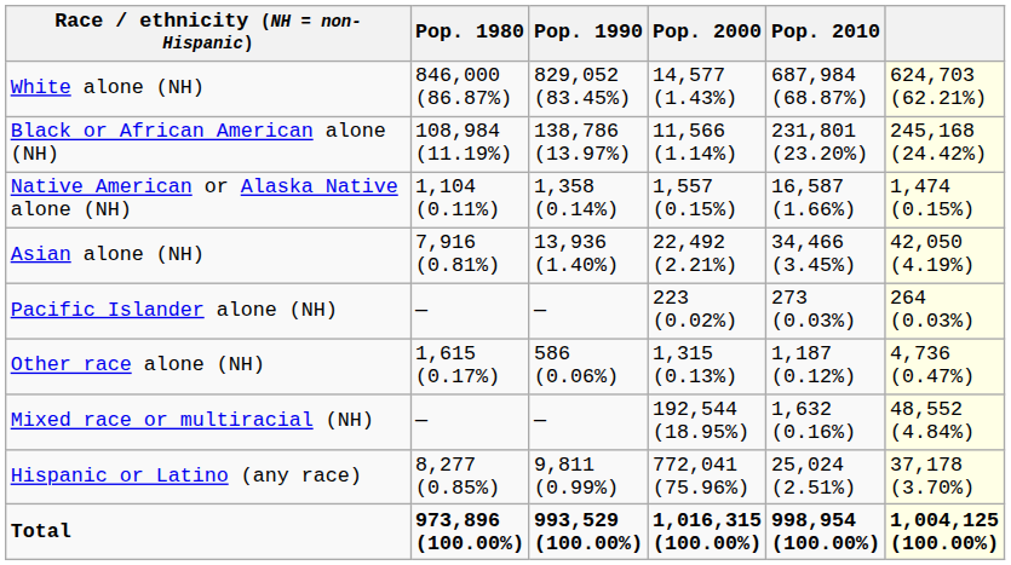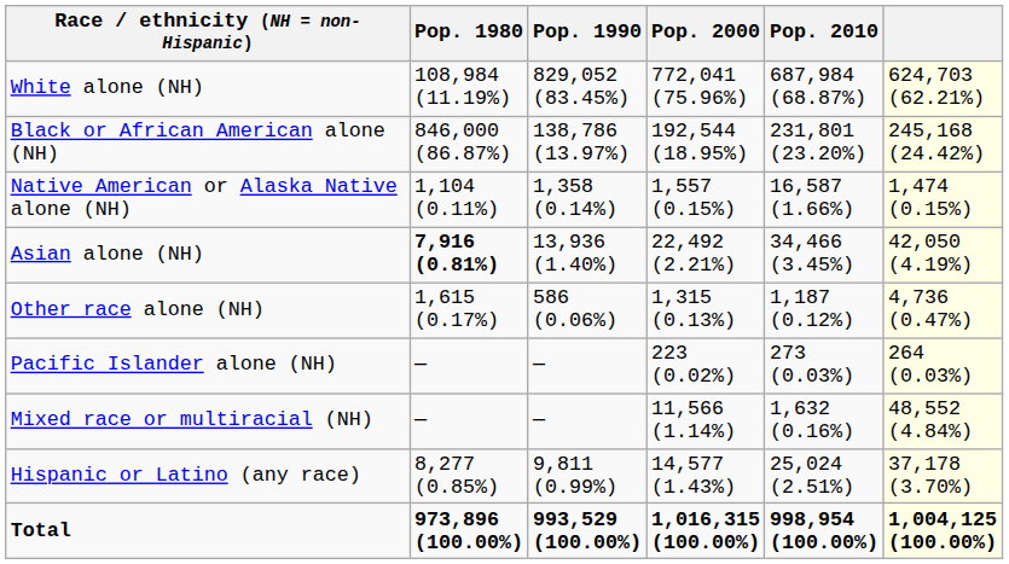 <table class="wikitable sortable collapsible" style="font-size: 95%;">
 <tr>
 <th>Race / ethnicity <small>(<em>NH = non-Hispanic</em>)</small></th>
 <th>Pop. 1980</th>
 <th>Pop. 1990</th>
 <th>Pop. 2000</th>
 <th>Pop. 2010</th>
 <th></th>
 </tr>
 <tr>
 <td><a href='#'>White</a> alone (NH)</td>
-<td>846,000<br>(86.87%)</td>
+<td>108,984<br>(11.19%)</td>
 <td>829,052<br>(83.45%)</td>
-<td>14,577<br>(1.43%)</td>
+<td>772,041<br>(75.96%)</td>
 <td>687,984<br>(68.87%)</td>
 <td style='background: #ffffe6;'>624,703<br>(62.21%)</td>
 </tr>
 <tr>
 <td><a href='#'>Black or African American</a> alone (NH)</td>
-<td>108,984<br>(11.19%)</td>
+<td>846,000<br>(86.87%)</td>
 <td>138,786<br>(13.97%)</td>
-<td>11,566<br>(1.14%)</td>
+<td>192,544<br>(18.95%)</td>
 <td>231,801<br>(23.20%)</td>
 <td style='background: #ffffe6;'>245,168<br>(24.42%)</td>
 </tr>
 <tr>
 <td><a href='#'>Native American</a> or <a href='#'>Alaska Native</a> alone (NH)</td>
 <td>1,104<br>(0.11%)</td>
 <td>1,358<br>(0.14%)</td>
 <td>1,557<br>(0.15%)</td>
 <td>16,587<br>(1.66%)</td>
 <td style='background: #ffffe6;'>1,474<br>(0.15%)</td>
 </tr>
 <tr>
 <td><a href='#'>Asian</a> alone (NH)</td>
-<td>7,916<br>(0.81%)</td>
+<td><strong>7,916<br>(0.81%)</strong></td>
 <td>13,936<br>(1.40%)</td>
 <td>22,492<br>(2.21%)</td>
 <td>34,466<br>(3.45%)</td>
 <td style='background: #ffffe6;'>42,050<br>(4.19%)</td>
+</tr>
+<tr>
+<td><a href='#'>Other race</a> alone (NH)</td>
+<td>1,615<br>(0.17%)</td>
+<td>586<br>(0.06%)</td>
+<td>1,315<br>(0.13%)</td>
+<td>1,187<br>(0.12%)</td>
+<td style='background: #ffffe6;'>4,736<br>(0.47%)</td>
 </tr>
 <tr>
 <td><a href='#'>Pacific Islander</a> alone (NH)</td>
 <td>—</td>
 <td>—</td>
 <td>223<br>(0.02%)</td>
 <td>273<br>(0.03%)</td>
 <td style='background: #ffffe6;'>264<br>(0.03%)</td>
 </tr>
 <tr>
-<td><a href='#'>Other race</a> alone (NH)</td>
-<td>1,615<br>(0.17%)</td>
-<td>586<br>(0.06%)</td>
-<td>1,315<br>(0.13%)</td>
-<td>1,187<br>(0.12%)</td>
-<td style='background: #ffffe6;'>4,736<br>(0.47%)</td>
-</tr>
-<tr>
 <td><a href='#'>Mixed race or multiracial</a> (NH)</td>
 <td>—</td>
 <td>—</td>
-<td>192,544<br>(18.95%)</td>
+<td>11,566<br>(1.14%)</td>
 <td>1,632<br>(0.16%)</td>
 <td style='background: #ffffe6;'>48,552<br>(4.84%)</td>
 </tr>
 <tr>
 <td><a href='#'>Hispanic or Latino</a> (any race)</td>
 <td>8,277<br>(0.85%)</td>
 <td>9,811<br>(0.99%)</td>
-<td>772,041<br>(75.96%)</td>
+<td>14,577<br>(1.43%)</td>
 <td>25,024<br>(2.51%)</td>
 <td style='background: #ffffe6;'>37,178<br>(3.70%)</td>
 </tr>
 <tr>
 <td><strong>Total</strong></td>
 <td><strong>973,896<br>(100.00%)</strong></td>
 <td><strong>993,529<br>(100.00%)</strong></td>
 <td><strong>1,016,315<br>(100.00%)</strong></td>
 <td><strong>998,954<br>(100.00%)</strong></td>
 <td style='background: #ffffe6;'><strong>1,004,125<br>(100.00%)</strong></td>
 </tr>
 </table>
